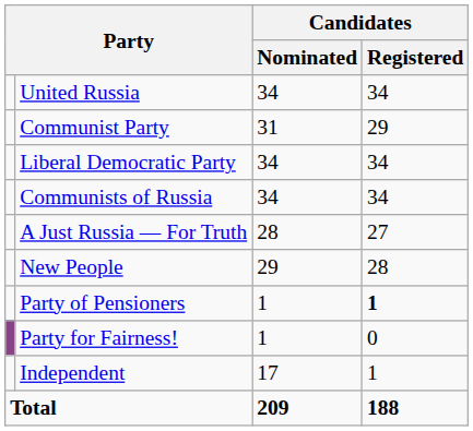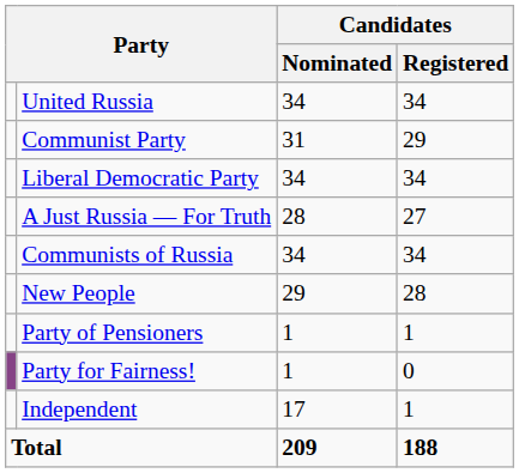 <table class="wikitable sortable" style="background: #f9f9f9; text-align:left; font-size: 95%">
 <tr>
 <th align=center rowspan=2 colspan=2>Party</th>
 <th align=center colspan=2>Candidates</th>
 </tr>
 <tr>
 <th align=center>Nominated</th>
 <th align=center>Registered</th>
 </tr>
 <tr>
 <td></td>
 <td><a href='#'>United Russia</a></td>
 <td>34</td>
 <td>34</td>
 </tr>
 <tr>
 <td></td>
 <td><a href='#'>Communist Party</a></td>
 <td>31</td>
 <td>29</td>
 </tr>
 <tr>
 <td></td>
 <td><a href='#'>Liberal Democratic Party</a></td>
 <td>34</td>
 <td>34</td>
 </tr>
 <tr>
 <td></td>
+<td><a href='#'>A Just Russia — For Truth</a></td>
+<td>28</td>
+<td>27</td>
+</tr>
+<tr>
+<td></td>
 <td><a href='#'>Communists of Russia</a></td>
 <td>34</td>
 <td>34</td>
-</tr>
-<tr>
-<td></td>
-<td><a href='#'>A Just Russia — For Truth</a></td>
-<td>28</td>
-<td>27</td>
 </tr>
 <tr>
 <td></td>
 <td><a href='#'>New People</a></td>
 <td>29</td>
 <td>28</td>
 </tr>
 <tr>
 <td></td>
 <td><a href='#'>Party of Pensioners</a></td>
 <td>1</td>
-<td><strong>1</strong></td>
+<td>1</td>
 </tr>
 <tr>
 <td bgcolor="#864386"></td>
 <td><a href='#'>Party for Fairness!</a></td>
 <td>1</td>
 <td>0</td>
 </tr>
 <tr>
 <td></td>
 <td><a href='#'>Independent</a></td>
 <td>17</td>
 <td>1</td>
 </tr>
 <tr>
 <td colspan=2><strong>Total</strong></td>
 <td><strong>209</strong></td>
 <td><strong>188</strong></td>
 </tr>
 </table>
